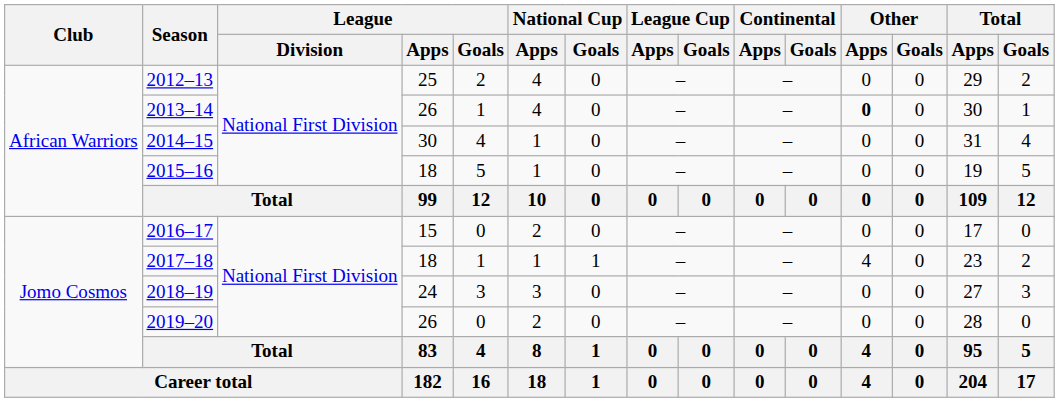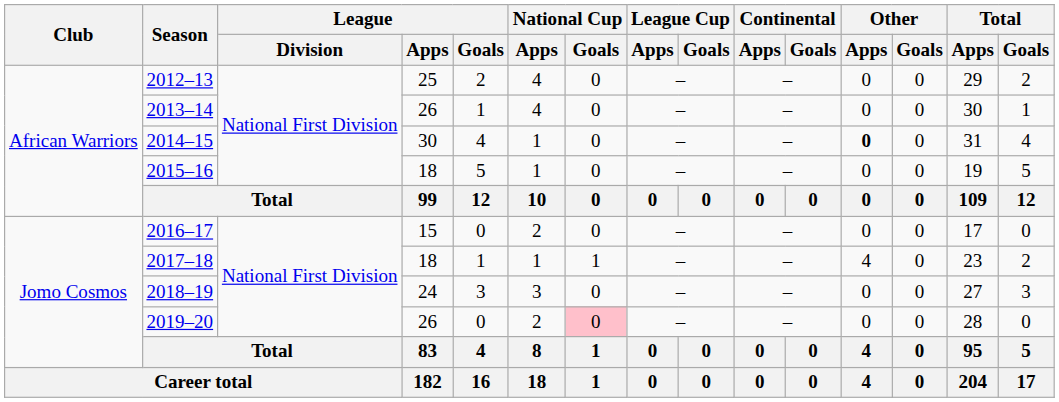 <table class="wikitable" style="text-align: center">
 <tr>
 <th rowspan="2">Club</th>
 <th rowspan="2">Season</th>
 <th colspan="3">League</th>
 <th colspan="2">National Cup</th>
 <th colspan="2">League Cup</th>
 <th colspan="2">Continental</th>
 <th colspan="2">Other</th>
 <th colspan="2">Total</th>
 </tr>
 <tr>
 <th>Division</th>
 <th>Apps</th>
 <th>Goals</th>
 <th>Apps</th>
 <th>Goals</th>
 <th>Apps</th>
 <th>Goals</th>
 <th>Apps</th>
 <th>Goals</th>
 <th>Apps</th>
 <th>Goals</th>
 <th>Apps</th>
 <th>Goals</th>
 </tr>
 <tr>
 <td rowspan="5"><a href='#'>African Warriors</a></td>
 <td><a href='#'>2012–13</a></td>
 <td rowspan="4"><a href='#'>National First Division</a></td>
 <td>25</td>
 <td>2</td>
 <td>4</td>
 <td>0</td>
 <td colspan="2">–</td>
 <td colspan="2">–</td>
 <td>0</td>
 <td>0</td>
 <td>29</td>
 <td>2</td>
 </tr>
 <tr>
 <td><a href='#'>2013–14</a></td>
 <td>26</td>
 <td>1</td>
 <td>4</td>
 <td>0</td>
 <td colspan="2">–</td>
 <td colspan="2">–</td>
-<td><strong>0</strong></td>
+<td>0</td>
 <td>0</td>
 <td>30</td>
 <td>1</td>
 </tr>
 <tr>
 <td><a href='#'>2014–15</a></td>
 <td>30</td>
 <td>4</td>
 <td>1</td>
 <td>0</td>
 <td colspan="2">–</td>
 <td colspan="2">–</td>
-<td>0</td>
+<td><strong>0</strong></td>
 <td>0</td>
 <td>31</td>
 <td>4</td>
 </tr>
 <tr>
 <td><a href='#'>2015–16</a></td>
 <td>18</td>
 <td>5</td>
 <td>1</td>
 <td>0</td>
 <td colspan="2">–</td>
 <td colspan="2">–</td>
 <td>0</td>
 <td>0</td>
 <td>19</td>
 <td>5</td>
 </tr>
 <tr>
 <th colspan="2"><strong>Total</strong></th>
 <th>99</th>
 <th>12</th>
 <th>10</th>
 <th>0</th>
 <th>0</th>
 <th>0</th>
 <th>0</th>
 <th>0</th>
 <th>0</th>
 <th>0</th>
 <th>109</th>
 <th>12</th>
 </tr>
 <tr>
 <td rowspan="5"><a href='#'>Jomo Cosmos</a></td>
 <td><a href='#'>2016–17</a></td>
 <td rowspan="4"><a href='#'>National First Division</a></td>
 <td>15</td>
 <td>0</td>
 <td>2</td>
 <td>0</td>
 <td colspan="2">–</td>
 <td colspan="2">–</td>
 <td>0</td>
 <td>0</td>
 <td>17</td>
 <td>0</td>
 </tr>
 <tr>
 <td><a href='#'>2017–18</a></td>
 <td>18</td>
 <td>1</td>
 <td>1</td>
 <td>1</td>
 <td colspan="2">–</td>
 <td colspan="2">–</td>
 <td>4</td>
 <td>0</td>
 <td>23</td>
 <td>2</td>
 </tr>
 <tr>
 <td><a href='#'>2018–19</a></td>
 <td>24</td>
 <td>3</td>
 <td>3</td>
 <td>0</td>
 <td colspan="2">–</td>
 <td colspan="2">–</td>
 <td>0</td>
 <td>0</td>
 <td>27</td>
 <td>3</td>
 </tr>
 <tr>
 <td><a href='#'>2019–20</a></td>
 <td>26</td>
 <td>0</td>
 <td>2</td>
-<td>0</td>
+<td style="background: pink;">0</td>
 <td colspan="2">–</td>
 <td colspan="2">–</td>
 <td>0</td>
 <td>0</td>
 <td>28</td>
 <td>0</td>
 </tr>
 <tr>
 <th colspan="2"><strong>Total</strong></th>
 <th>83</th>
 <th>4</th>
 <th>8</th>
 <th>1</th>
 <th>0</th>
 <th>0</th>
 <th>0</th>
 <th>0</th>
 <th>4</th>
 <th>0</th>
 <th>95</th>
 <th>5</th>
 </tr>
 <tr>
 <th colspan="3">Career total</th>
 <th>182</th>
 <th>16</th>
 <th>18</th>
 <th>1</th>
 <th>0</th>
 <th>0</th>
 <th>0</th>
 <th>0</th>
 <th>4</th>
 <th>0</th>
 <th>204</th>
 <th>17</th>
 </tr>
 </table>
